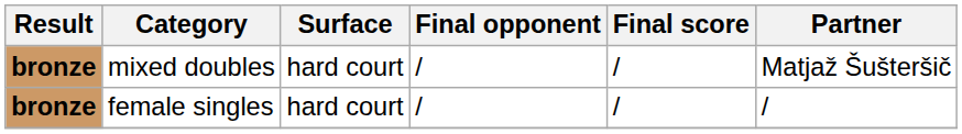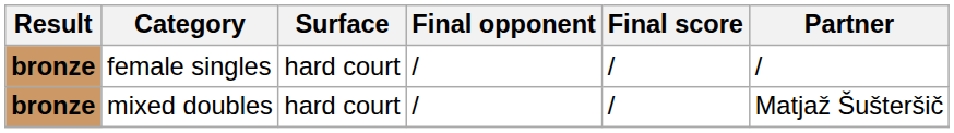 <table class=wikitable>
 <tr>
 <th>Result</th>
 <th>Category</th>
 <th>Surface</th>
 <th>Final opponent</th>
 <th>Final score</th>
 <th>Partner</th>
 </tr>
 <tr bgcolor=white>
 <th style="background:#c96;"><strong>bronze</strong></th>
+<td>female singles</td>
+<td>hard court</td>
+<td>/</td>
+<td>/</td>
+<td>/</td>
+</tr>
+<tr bgcolor=white>
+<th style="background:#c96;"><strong>bronze</strong></th>
 <td>mixed doubles</td>
 <td>hard court</td>
 <td>/</td>
 <td>/</td>
 <td> Matjaž Šušteršič</td>
 </tr>
-<tr bgcolor=white>
-<th style="background:#c96;"><strong>bronze</strong></th>
-<td>female singles</td>
-<td>hard court</td>
-<td>/</td>
-<td>/</td>
-<td>/</td>
-</tr>
 <tr bgcolor=moccasin>
 </tr>
 </table>
